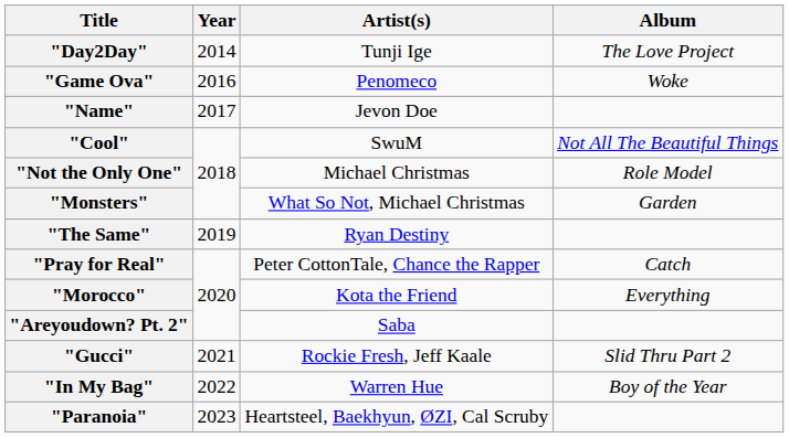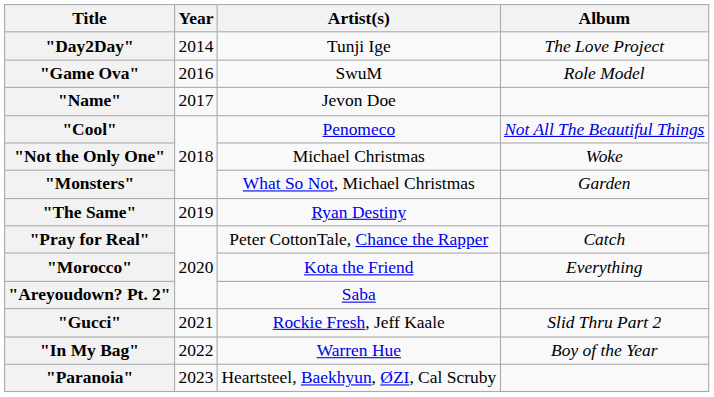 <table class="wikitable plainrowheaders" style="text-align:center;">
 <tr>
 <th scope="col">Title</th>
 <th scope="col">Year</th>
 <th scope="col">Artist(s)</th>
 <th scope="col">Album</th>
 </tr>
 <tr>
 <th scope="row">"Day2Day"</th>
 <td>2014</td>
 <td>Tunji Ige</td>
 <td><em>The Love Project</em></td>
 </tr>
 <tr>
 <th scope="row">"Game Ova"</th>
 <td>2016</td>
-<td><a href='#'>Penomeco</a></td>
-<td><em>Woke</em></td>
+<td>SwuM</td>
+<td><em>Role Model</em></td>
 </tr>
 <tr>
 <th scope="row">"Name"</th>
 <td>2017</td>
 <td>Jevon Doe</td>
 <td></td>
 </tr>
 <tr>
 <th scope="row">"Cool"</th>
 <td rowspan="3">2018</td>
-<td>SwuM</td>
+<td><a href='#'>Penomeco</a></td>
 <td><a href='#'><em>Not All The Beautiful Things</em></a></td>
 </tr>
 <tr>
 <th scope="row">"Not the Only One"</th>
 <td>Michael Christmas</td>
-<td><em>Role Model</em></td>
+<td><em>Woke</em></td>
 </tr>
 <tr>
 <th scope="row">"Monsters"</th>
 <td><a href='#'>What So Not</a>, Michael Christmas</td>
 <td><em>Garden</em></td>
 </tr>
 <tr>
 <th scope="row">"The Same"</th>
 <td>2019</td>
 <td><a href='#'>Ryan Destiny</a></td>
 <td></td>
 </tr>
 <tr>
 <th scope="row">"Pray for Real"</th>
 <td rowspan="3">2020</td>
 <td>Peter CottonTale, <a href='#'>Chance the Rapper</a></td>
 <td><em>Catch</em></td>
 </tr>
 <tr>
 <th scope="row">"Morocco"</th>
 <td><a href='#'>Kota the Friend</a></td>
 <td><em>Everything</em></td>
 </tr>
 <tr>
 <th scope="row">"Areyoudown? Pt. 2"</th>
 <td><a href='#'>Saba</a></td>
 <td></td>
 </tr>
 <tr>
 <th scope="row">"Gucci"</th>
 <td>2021</td>
 <td><a href='#'>Rockie Fresh</a>, Jeff Kaale</td>
 <td><em>Slid Thru Part 2</em></td>
 </tr>
 <tr>
 <th scope="row">"In My Bag"</th>
 <td>2022</td>
 <td><a href='#'>Warren Hue</a></td>
 <td><em>Boy of the Year</em></td>
 </tr>
 <tr>
 <th scope="row">"Paranoia"</th>
 <td>2023</td>
 <td>Heartsteel, <a href='#'>Baekhyun</a>, <a href='#'>ØZI</a>, Cal Scruby</td>
 <td></td>
 </tr>
 </table>
